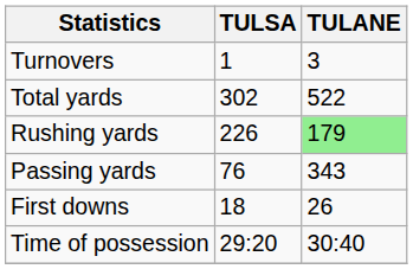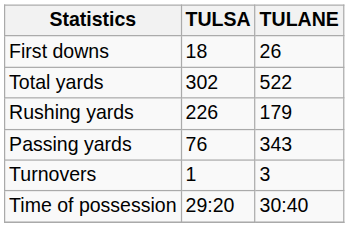 <table class="wikitable" style="float: left;">
 <tr>
 <th>Statistics</th>
 <th>TULSA</th>
 <th>TULANE</th>
 </tr>
 <tr>
-<td>Turnovers</td>
-<td>1</td>
-<td>3</td>
+<td>First downs</td>
+<td>18</td>
+<td>26</td>
 </tr>
 <tr>
 <td>Total yards</td>
 <td>302</td>
 <td>522</td>
 </tr>
 <tr>
 <td>Rushing yards</td>
 <td>226</td>
-<td style="background: lightgreen;">179</td>
+<td>179</td>
 </tr>
 <tr>
 <td>Passing yards</td>
 <td>76</td>
 <td>343</td>
 </tr>
 <tr>
-<td>First downs</td>
-<td>18</td>
-<td>26</td>
+<td>Turnovers</td>
+<td>1</td>
+<td>3</td>
 </tr>
 <tr>
 <td>Time of possession</td>
 <td>29:20</td>
 <td>30:40</td>
 </tr>
 <tr>
 </tr>
 </table>
